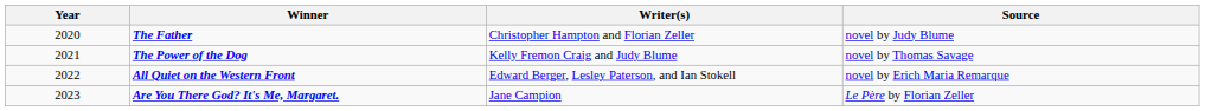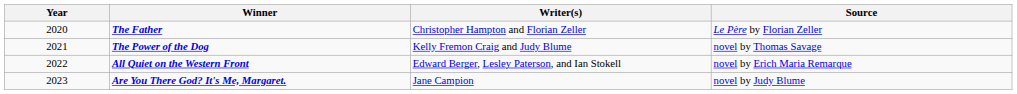 <table class="wikitable" width="95%" cellpadding="5">
 <tr>
 <th width="100">Year</th>
 <th width="300">Winner</th>
 <th width="300">Writer(s)</th>
 <th width="300">Source</th>
 </tr>
 <tr>
 <td style="text-align:center;">2020</td>
 <td><strong><em><a href='#'>The Father</a></em></strong></td>
 <td><a href='#'>Christopher Hampton</a> and <a href='#'>Florian Zeller</a></td>
-<td><a href='#'>novel</a> by <a href='#'>Judy Blume</a></td>
+<td><em><a href='#'>Le Père</a></em> by <a href='#'>Florian Zeller</a></td>
 </tr>
 <tr>
 <td style="text-align:center;">2021</td>
 <td><strong><em><a href='#'>The Power of the Dog</a></em></strong></td>
 <td><a href='#'>Kelly Fremon Craig</a> and <a href='#'>Judy Blume</a></td>
 <td><a href='#'>novel</a> by <a href='#'>Thomas Savage</a></td>
 </tr>
 <tr>
 <td style="text-align:center">2022</td>
 <td><strong><em><a href='#'>All Quiet on the Western Front</a></em></strong></td>
 <td><a href='#'>Edward Berger</a>, <a href='#'>Lesley Paterson</a>, and Ian Stokell</td>
 <td><a href='#'>novel</a> by <a href='#'>Erich Maria Remarque</a></td>
 </tr>
 <tr>
 <td style="text-align:center">2023</td>
 <td><strong><em><a href='#'>Are You There God? It's Me, Margaret.</a></em></strong></td>
 <td><a href='#'>Jane Campion</a></td>
-<td><em><a href='#'>Le Père</a></em> by <a href='#'>Florian Zeller</a></td>
+<td><a href='#'>novel</a> by <a href='#'>Judy Blume</a></td>
 </tr>
 </table>
